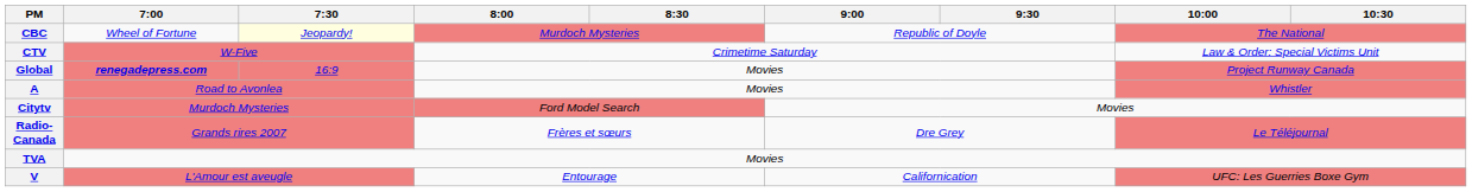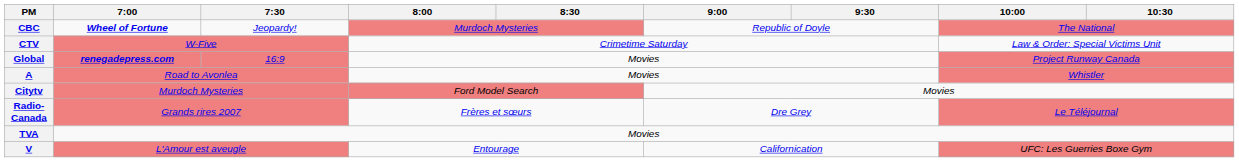 <table class="wikitable" style="width:100%;">
 <tr>
 <th style="width:4%;">PM</th>
 <th style="width:12%;">7:00</th>
 <th style="width:12%;">7:30</th>
 <th style="width:12%;">8:00</th>
 <th style="width:12%;">8:30</th>
 <th style="width:12%;">9:00</th>
 <th style="width:12%;">9:30</th>
 <th style="width:12%;">10:00</th>
 <th style="width:12%;">10:30</th>
 </tr>
 <tr style="text-align:center;">
 <th><a href='#'>CBC</a></th>
-<td style="text-align:center;"><em><a href='#'>Wheel of Fortune</a></em></td>
-<td style="background: lightyellow; text-align:center;"><em><a href='#'>Jeopardy!</a></em></td>
+<td style="text-align:center;"><strong><em><a href='#'>Wheel of Fortune</a></em></strong></td>
+<td style="text-align:center;"><em><a href='#'>Jeopardy!</a></em></td>
 <td colspan="2"  style="text-align:center; background:#f08080;"><em><a href='#'>Murdoch Mysteries</a></em></td>
 <td colspan="2" style="text-align:center;"><em><a href='#'>Republic of Doyle</a></em></td>
 <td colspan="2"  style="text-align:center; background:#f08080;"><em><a href='#'>The National</a></em></td>
 </tr>
 <tr style="text-align:center;">
 <th><a href='#'>CTV</a></th>
 <td colspan="2"  style="text-align:center; background:#f08080;"><em><a href='#'>W-Five</a></em></td>
 <td colspan="4" style="text-align:center;"><em><a href='#'>Crimetime Saturday</a></em></td>
 <td colspan="2" style="text-align:center;"><em><a href='#'>Law & Order: Special Victims Unit</a></em></td>
 </tr>
 <tr style="text-align:center;">
 <th><a href='#'>Global</a></th>
 <td style="text-align:center; background:#f08080;"><strong><em><a href='#'>renegadepress.com</a></em></strong></td>
 <td style="text-align:center; background:#f08080;"><em><a href='#'>16:9</a></em></td>
 <td colspan="4" style="text-align:center;"><em>Movies</em></td>
 <td colspan="2"  style="text-align:center; background:#f08080;"><em><a href='#'>Project Runway Canada</a></em></td>
 </tr>
 <tr style="text-align:center;">
 <th><a href='#'>A</a></th>
 <td colspan="2"  style="text-align:center; background:#f08080;"><em><a href='#'>Road to Avonlea</a></em></td>
 <td colspan="4" style="text-align:center;"><em>Movies</em></td>
 <td colspan="2"  style="text-align:center; background:#f08080;"><em><a href='#'>Whistler</a></em></td>
 </tr>
 <tr style="text-align:center;">
 <th><a href='#'>Citytv</a></th>
 <td colspan="2"  style="text-align:center; background:#f08080;"><em><a href='#'>Murdoch Mysteries</a></em></td>
 <td colspan="2"  style="text-align:center; background:#f08080;"><em>Ford Model Search</em></td>
 <td colspan="4" style="text-align:center;"><em>Movies</em></td>
 </tr>
 <tr style="text-align:center;">
 <th><a href='#'>Radio-Canada</a></th>
 <td colspan="2"  style="text-align:center; background:#f08080;"><em><a href='#'>Grands rires 2007</a></em></td>
 <td colspan="2" style="text-align:center;"><em><a href='#'>Frères et sœurs</a></em></td>
 <td colspan="2" style="text-align:center;"><em><a href='#'>Dre Grey</a></em></td>
 <td colspan="2"  style="text-align:center; background:#f08080;"><em><a href='#'>Le Téléjournal</a></em></td>
 </tr>
 <tr style="text-align:center;">
 <th><a href='#'>TVA</a></th>
 <td colspan="8" style="text-align:center;"><em>Movies</em></td>
 </tr>
 <tr style="text-align:center;">
 <th><a href='#'>V</a></th>
 <td colspan="2"  style="text-align:center; background:#f08080;"><em><a href='#'>L'Amour est aveugle</a></em></td>
 <td colspan="2" style="text-align:center;"><em><a href='#'>Entourage</a></em></td>
 <td colspan="2" style="text-align:center;"><em><a href='#'>Californication</a></em></td>
 <td colspan="2"  style="text-align:center; background:#f08080;"><em>UFC: Les Guerries Boxe Gym</em></td>
 </tr>
 </table>
